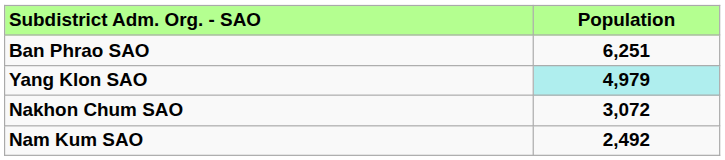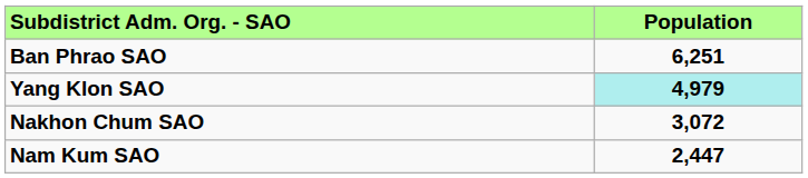 <table class="wikitable" style="width:48%; display:inline-table;">
 <tr>
 <th scope="col" style= "width:74%; background: #b4ff90; text-align:left;"><strong>Subdistrict Adm. Org. - SAO</strong></th>
 <th scope="col" style= "width:26%; background: #b4ff90; text-align:center;"><strong>Population</strong></th>
 </tr>
 <tr>
 <td><strong>Ban Phrao SAO</strong></td>
 <td style="text-align:center;"><strong>6,251</strong></td>
 </tr>
 <tr>
 <td><strong>Yang Klon SAO</strong></td>
 <td style="background: paleturquoise; text-align:center;"><strong>4,979</strong></td>
 </tr>
 <tr>
 <td><strong>Nakhon Chum SAO</strong></td>
 <td style="text-align:center;"><strong>3,072</strong></td>
 </tr>
 <tr>
 <td><strong>Nam Kum SAO</strong></td>
-<td style="text-align:center;"><strong>2,492</strong></td>
+<td style="text-align:center;"><strong>2,447</strong></td>
 </tr>
 </table>
